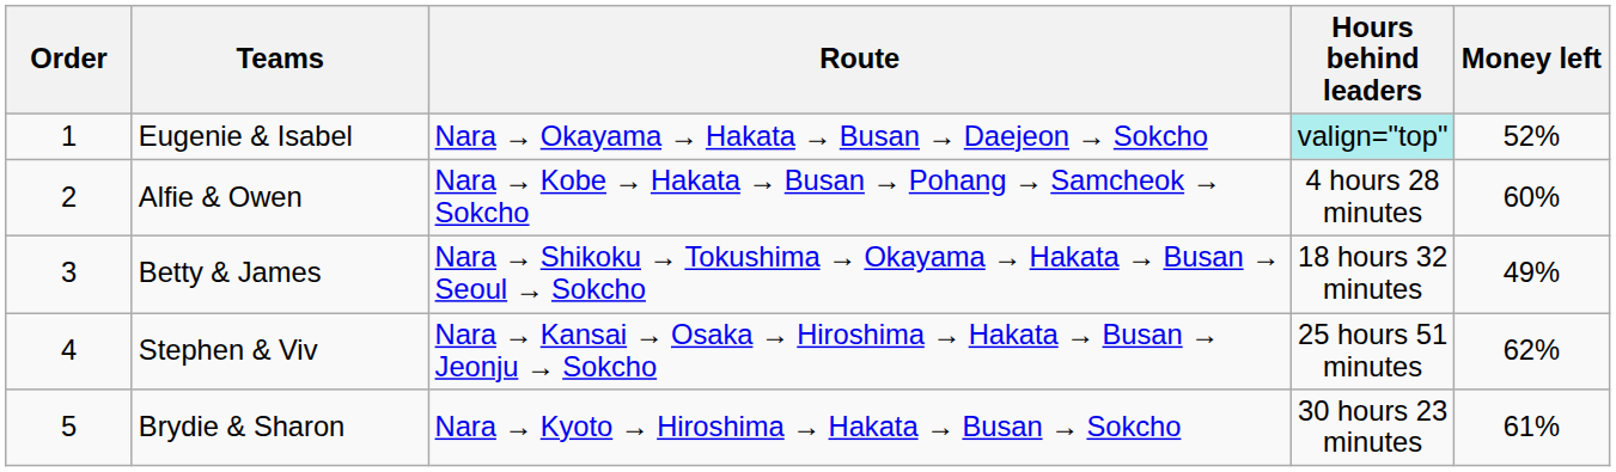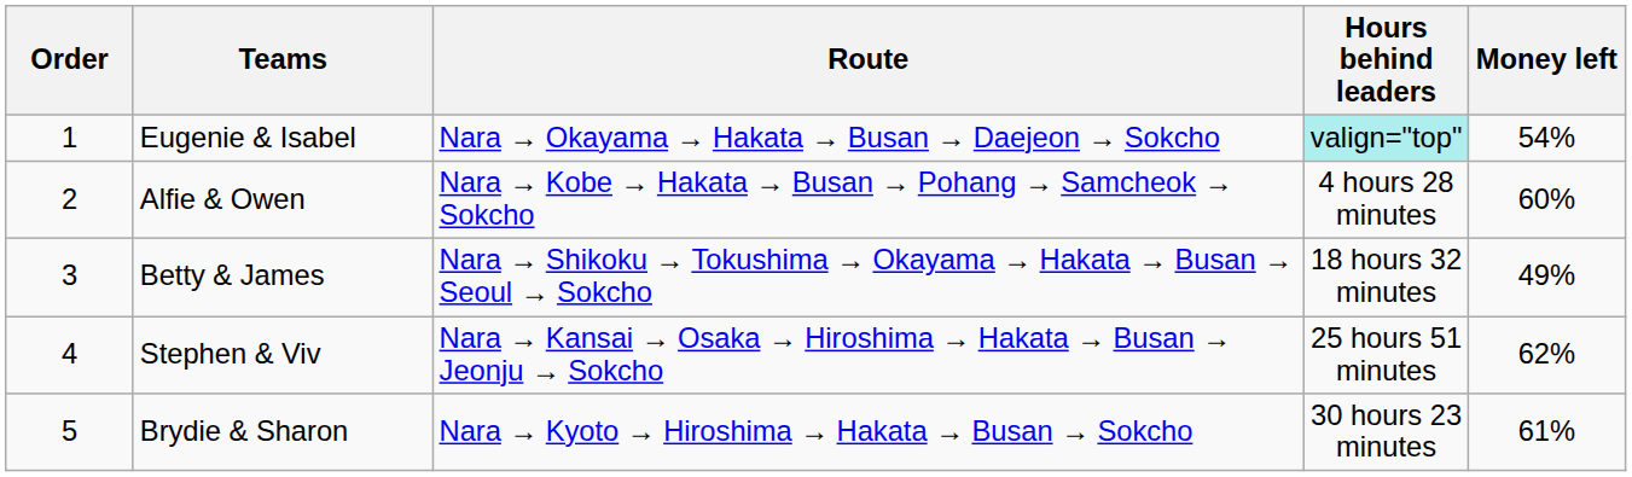 <table class="wikitable sortable" style="text-align:center">
 <tr>
 <th style="width:4em">Order</th>
 <th style="width:10em">Teams</th>
 <th style="width:30em">Route</th>
 <th style="width:5em">Hours behind leaders</th>
 <th style="width:5em">Money left</th>
 </tr>
 <tr>
 <td>1</td>
 <td style="text-align:left">Eugenie & Isabel</td>
 <td style="text-align:left"><a href='#'>Nara</a>  → <a href='#'>Okayama</a>    → <a href='#'>Hakata</a>  → <a href='#'>Busan</a>  → <a href='#'>Daejeon</a>  → <a href='#'>Sokcho</a></td>
 <td style="background: paleturquoise;">valign="top" </td>
-<td>52%</td>
+<td>54%</td>
 </tr>
 <tr>
 <td>2</td>
 <td style="text-align:left">Alfie & Owen</td>
 <td style="text-align:left"><a href='#'>Nara</a>  → <a href='#'>Kobe</a>   → <a href='#'>Hakata</a>  → <a href='#'>Busan</a>  → <a href='#'>Pohang</a>  → <a href='#'>Samcheok</a>   → <a href='#'>Sokcho</a></td>
 <td>4 hours 28 minutes</td>
 <td>60%</td>
 </tr>
 <tr>
 <td>3</td>
 <td style="text-align:left">Betty & James</td>
 <td style="text-align:left"><a href='#'>Nara</a>  → <a href='#'>Shikoku</a>   → <a href='#'>Tokushima</a>  → <a href='#'>Okayama</a>  → <a href='#'>Hakata</a>  → <a href='#'>Busan</a>  → <a href='#'>Seoul</a>  → <a href='#'>Sokcho</a></td>
 <td>18 hours 32 minutes</td>
 <td>49%</td>
 </tr>
 <tr>
 <td>4</td>
 <td style="text-align:left">Stephen & Viv</td>
 <td style="text-align:left"><a href='#'>Nara</a>  → <a href='#'>Kansai</a>  → <a href='#'>Osaka</a>  → <a href='#'>Hiroshima</a> → <a href='#'>Hakata</a>  → <a href='#'>Busan</a> → <a href='#'>Jeonju</a>  → <a href='#'>Sokcho</a></td>
 <td>25 hours 51 minutes</td>
 <td>62%</td>
 </tr>
 <tr>
 <td>5</td>
 <td style="text-align:left">Brydie & Sharon</td>
 <td style="text-align:left"><a href='#'>Nara</a>  → <a href='#'>Kyoto</a>  → <a href='#'>Hiroshima</a>    → <a href='#'>Hakata</a>  → <a href='#'>Busan</a>   → <a href='#'>Sokcho</a></td>
 <td>30 hours 23 minutes</td>
 <td>61%</td>
 </tr>
 </table>
